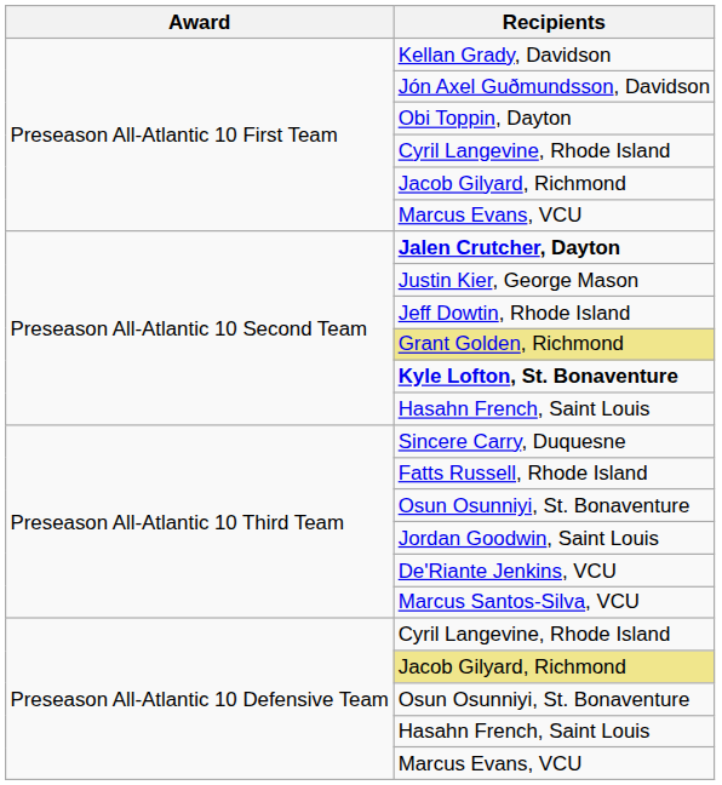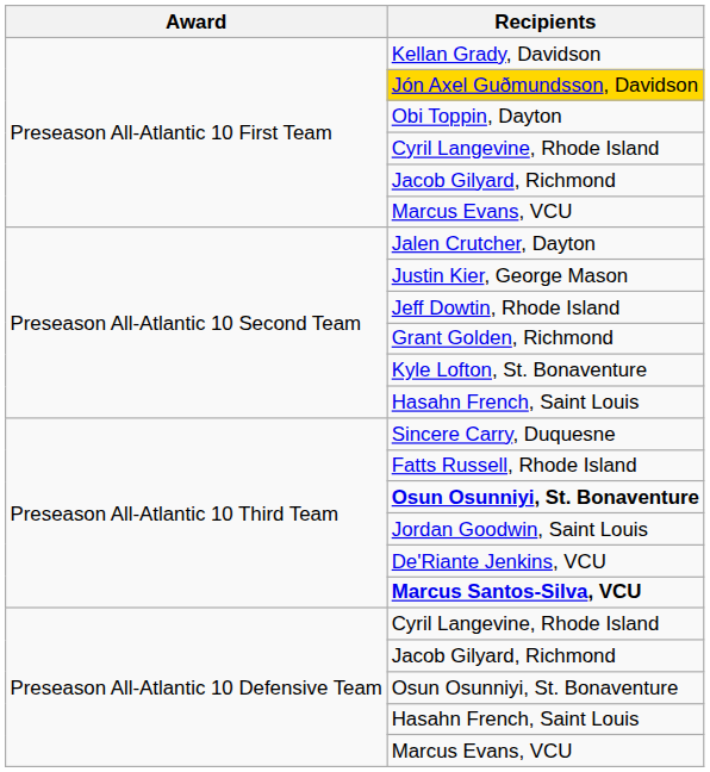 <table class="wikitable" style="white-space:nowrap; font-size:90%;">
 <tr>
 <th>Award</th>
 <th>Recipients</th>
 </tr>
 <tr>
 <td rowspan=6 valign=middle>Preseason All-Atlantic 10 First Team</td>
 <td><a href='#'>Kellan Grady</a>, Davidson</td>
 </tr>
 <tr>
-<td><a href='#'>Jón Axel Guðmundsson</a>, Davidson</td>
+<td style="background: gold;"><a href='#'>Jón Axel Guðmundsson</a>, Davidson</td>
 </tr>
 <tr>
 <td><a href='#'>Obi Toppin</a>, Dayton</td>
 </tr>
 <tr>
 <td><a href='#'>Cyril Langevine</a>, Rhode Island</td>
 </tr>
 <tr>
 <td><a href='#'>Jacob Gilyard</a>, Richmond</td>
 </tr>
 <tr>
 <td><a href='#'>Marcus Evans</a>, VCU</td>
 </tr>
 <tr>
 <td rowspan=6 valign=middle>Preseason All-Atlantic 10 Second Team</td>
-<td><strong><a href='#'>Jalen Crutcher</a>, Dayton</strong></td>
+<td><a href='#'>Jalen Crutcher</a>, Dayton</td>
 </tr>
 <tr>
 <td><a href='#'>Justin Kier</a>, George Mason</td>
 </tr>
 <tr>
 <td><a href='#'>Jeff Dowtin</a>, Rhode Island</td>
 </tr>
 <tr>
-<td style="background: khaki;"><a href='#'>Grant Golden</a>, Richmond</td>
+<td><a href='#'>Grant Golden</a>, Richmond</td>
 </tr>
 <tr>
-<td><strong><a href='#'>Kyle Lofton</a>, St. Bonaventure</strong></td>
+<td><a href='#'>Kyle Lofton</a>, St. Bonaventure</td>
 </tr>
 <tr>
 <td><a href='#'>Hasahn French</a>, Saint Louis</td>
 </tr>
 <tr>
 <td rowspan=6 valign=middle>Preseason All-Atlantic 10 Third Team</td>
 <td><a href='#'>Sincere Carry</a>, Duquesne</td>
 </tr>
 <tr>
 <td><a href='#'>Fatts Russell</a>, Rhode Island</td>
 </tr>
 <tr>
-<td><a href='#'>Osun Osunniyi</a>, St. Bonaventure</td>
+<td><strong><a href='#'>Osun Osunniyi</a>, St. Bonaventure</strong></td>
 </tr>
 <tr>
 <td><a href='#'>Jordan Goodwin</a>, Saint Louis</td>
 </tr>
 <tr>
 <td><a href='#'>De'Riante Jenkins</a>, VCU</td>
 </tr>
 <tr>
-<td><a href='#'>Marcus Santos-Silva</a>, VCU</td>
+<td><strong><a href='#'>Marcus Santos-Silva</a>, VCU</strong></td>
 </tr>
 <tr>
 <td rowspan=5 valign=middle>Preseason All-Atlantic 10 Defensive Team</td>
 <td>Cyril Langevine, Rhode Island</td>
 </tr>
 <tr>
-<td style="background: khaki;">Jacob Gilyard, Richmond</td>
+<td>Jacob Gilyard, Richmond</td>
 </tr>
 <tr>
 <td>Osun Osunniyi, St. Bonaventure</td>
 </tr>
 <tr>
 <td>Hasahn French, Saint Louis</td>
 </tr>
 <tr>
 <td>Marcus Evans, VCU</td>
 </tr>
 </table>
